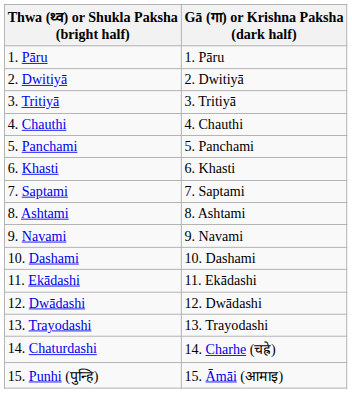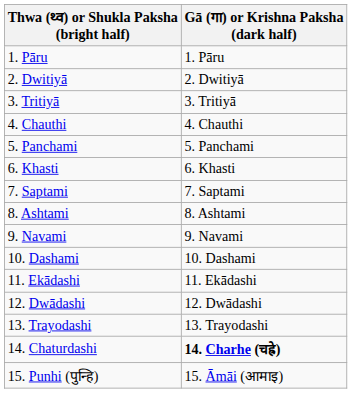 <table class="wikitable">
 <tr>
 <th>Thwa (थ्व) or Shukla Paksha<br>(bright half)</th>
 <th>Gā (गा) or Krishna Paksha<br>(dark half)</th>
 </tr>
 <tr>
 <td>1. <a href='#'>Pāru</a></td>
 <td>1. Pāru</td>
 </tr>
 <tr>
 <td>2. <a href='#'>Dwitiyā</a></td>
 <td>2. Dwitiyā</td>
 </tr>
 <tr>
 <td>3. <a href='#'>Tritiyā</a></td>
 <td>3. Tritiyā</td>
 </tr>
 <tr>
 <td>4. <a href='#'>Chauthi</a></td>
 <td>4. Chauthi</td>
 </tr>
 <tr>
 <td>5. <a href='#'>Panchami</a></td>
 <td>5. Panchami</td>
 </tr>
 <tr>
 <td>6. <a href='#'>Khasti</a></td>
 <td>6. Khasti</td>
 </tr>
 <tr>
 <td>7. <a href='#'>Saptami</a></td>
 <td>7. Saptami</td>
 </tr>
 <tr>
 <td>8. <a href='#'>Ashtami</a></td>
 <td>8. Ashtami</td>
 </tr>
 <tr>
 <td>9. <a href='#'>Navami</a></td>
 <td>9. Navami</td>
 </tr>
 <tr>
 <td>10. <a href='#'>Dashami</a></td>
 <td>10. Dashami</td>
 </tr>
 <tr>
 <td>11. <a href='#'>Ekādashi</a></td>
 <td>11. Ekādashi</td>
 </tr>
 <tr>
 <td>12. <a href='#'>Dwādashi</a></td>
 <td>12. Dwādashi</td>
 </tr>
 <tr>
 <td>13. <a href='#'>Trayodashi</a></td>
 <td>13. Trayodashi</td>
 </tr>
 <tr>
 <td>14. <a href='#'>Chaturdashi</a></td>
-<td>14. <a href='#'>Charhe</a> (चह्रे)</td>
+<td><strong>14. <a href='#'>Charhe</a> (चह्रे)</strong></td>
 </tr>
 <tr>
 <td>15. <a href='#'>Punhi</a> (पुन्हि)</td>
 <td>15. <a href='#'>Āmāi</a> (आमाइ)</td>
 </tr>
 </table>
